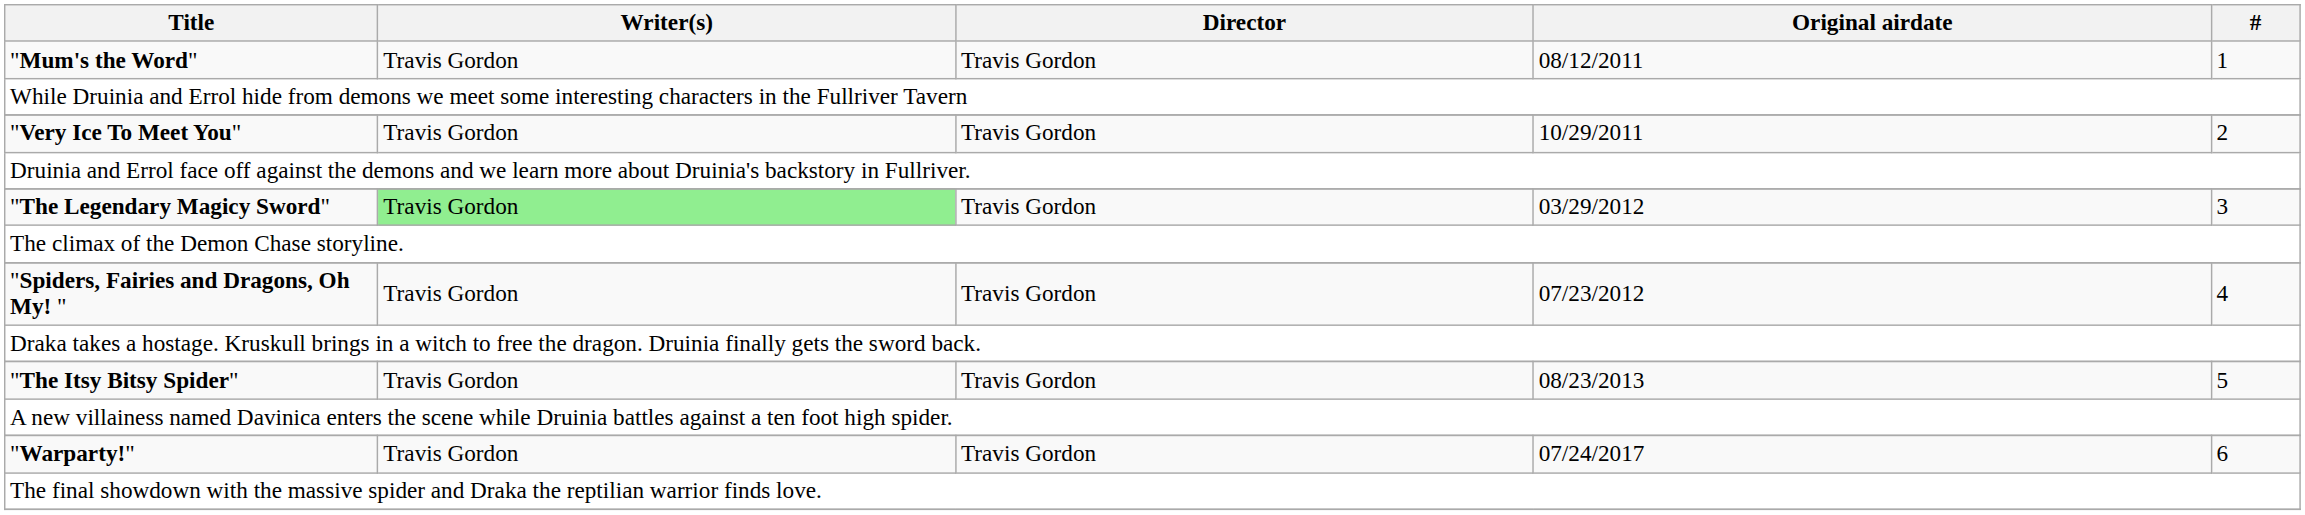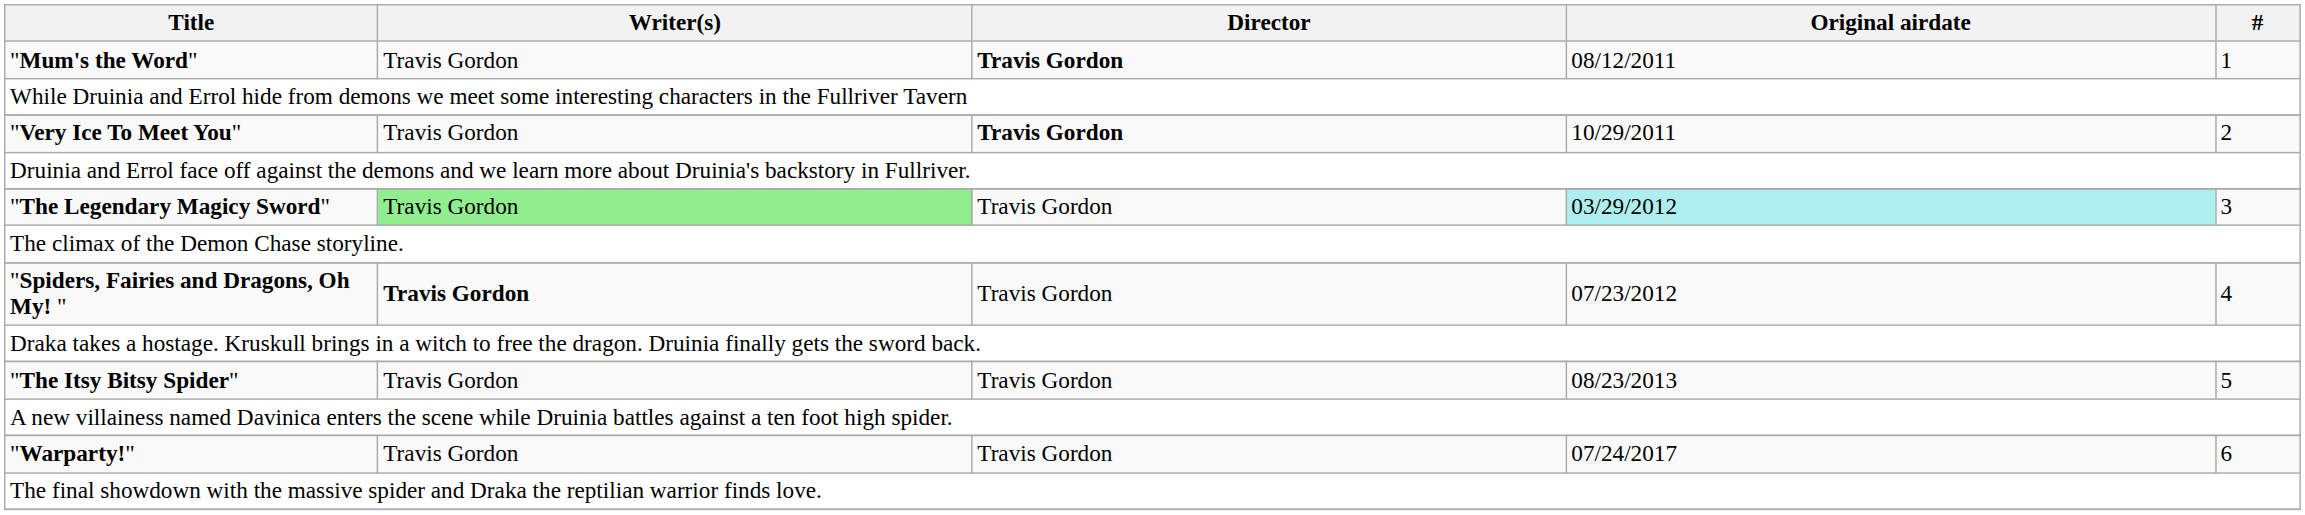 <table class="wikitable" width="100%">
 <tr>
 <th width="250">Title</th>
 <th align="center">Writer(s)</th>
 <th align="center">Director</th>
 <th align="center">Original airdate</th>
 <th align="center">#</th>
 </tr>
 <tr>
 <td>"<strong>Mum's the Word</strong>"</td>
 <td>Travis Gordon</td>
-<td>Travis Gordon</td>
+<td><strong>Travis Gordon</strong></td>
 <td>08/12/2011</td>
 <td>1</td>
 </tr>
 <tr>
 <td colspan="6" bgcolor="FFFFFF">While Druinia and Errol hide from demons we meet some interesting characters in the Fullriver Tavern</td>
 </tr>
 <tr>
 </tr>
 <tr>
 <td>"<strong>Very Ice To Meet You</strong>"</td>
 <td>Travis Gordon</td>
-<td>Travis Gordon</td>
+<td><strong>Travis Gordon</strong></td>
 <td>10/29/2011</td>
 <td>2</td>
 </tr>
 <tr>
 <td colspan="6" bgcolor="FFFFFF">Druinia and Errol face off against the demons and we learn more about Druinia's backstory in Fullriver.</td>
 </tr>
 <tr>
 </tr>
 <tr>
 <td>"<strong>The Legendary Magicy Sword</strong>"</td>
 <td style="background: lightgreen;">Travis Gordon</td>
 <td>Travis Gordon</td>
-<td>03/29/2012</td>
+<td style="background: paleturquoise;">03/29/2012</td>
 <td>3</td>
 </tr>
 <tr>
 <td colspan="6" bgcolor="FFFFFF">The climax of the Demon Chase storyline.</td>
 </tr>
 <tr>
 </tr>
 <tr>
 </tr>
 <tr>
 <td>"<strong>Spiders, Fairies and Dragons, Oh My! </strong>"</td>
-<td>Travis Gordon</td>
+<td><strong>Travis Gordon</strong></td>
 <td>Travis Gordon</td>
 <td>07/23/2012</td>
 <td>4</td>
 </tr>
 <tr>
 <td colspan="6" bgcolor="FFFFFF">Draka takes a hostage. Kruskull brings in a witch to free the dragon. Druinia finally gets the sword back.</td>
 </tr>
 <tr>
 </tr>
 <tr>
 <td>"<strong>The Itsy Bitsy Spider</strong>"</td>
 <td>Travis Gordon</td>
 <td>Travis Gordon</td>
 <td>08/23/2013</td>
 <td>5</td>
 </tr>
 <tr>
 <td colspan="6" bgcolor="FFFFFF">A new villainess named Davinica enters the scene while Druinia battles against a ten foot high spider.</td>
 </tr>
 <tr>
 </tr>
 <tr>
 <td>"<strong>Warparty!</strong>"</td>
 <td>Travis Gordon</td>
 <td>Travis Gordon</td>
 <td>07/24/2017</td>
 <td>6</td>
 </tr>
 <tr>
 <td colspan="6" bgcolor="FFFFFF">The final showdown with the massive spider and Draka the reptilian warrior finds love.</td>
 </tr>
 <tr>
 </tr>
 </table>
